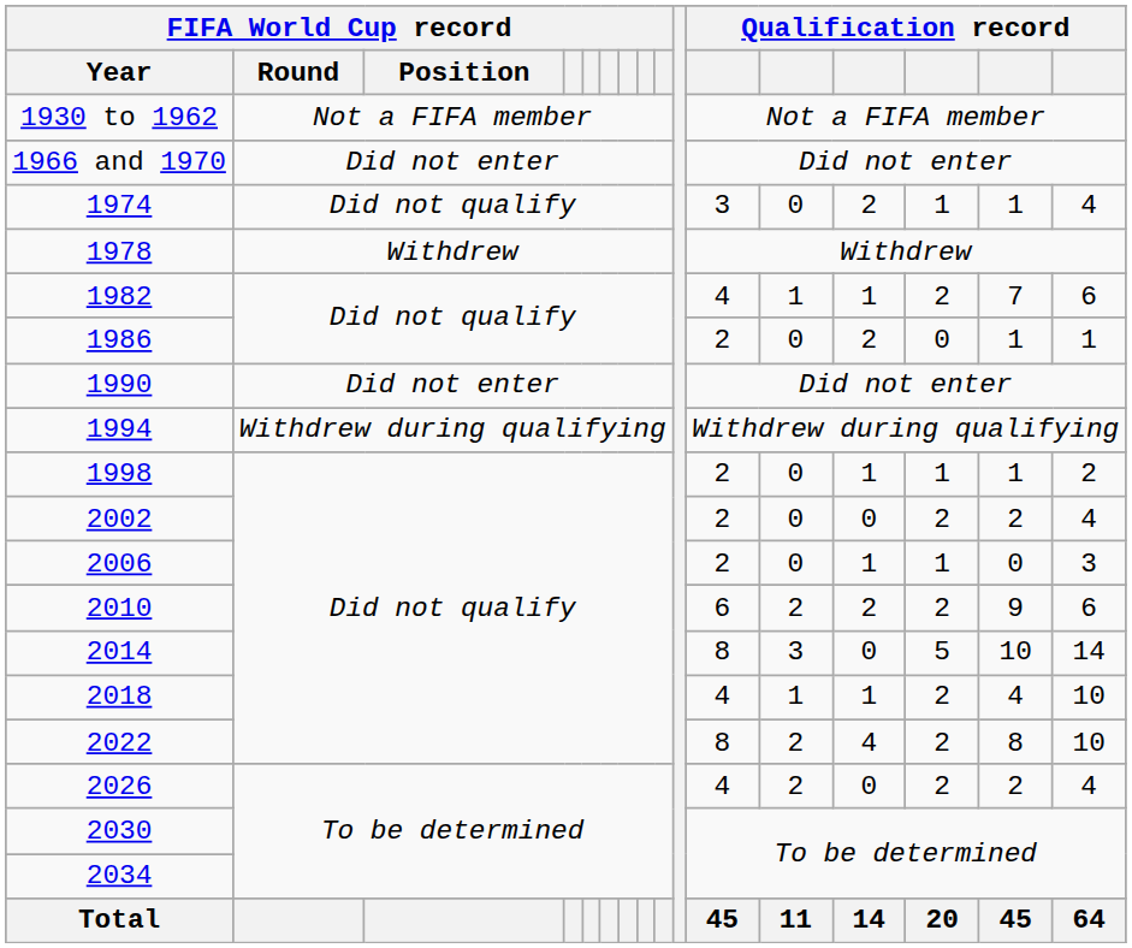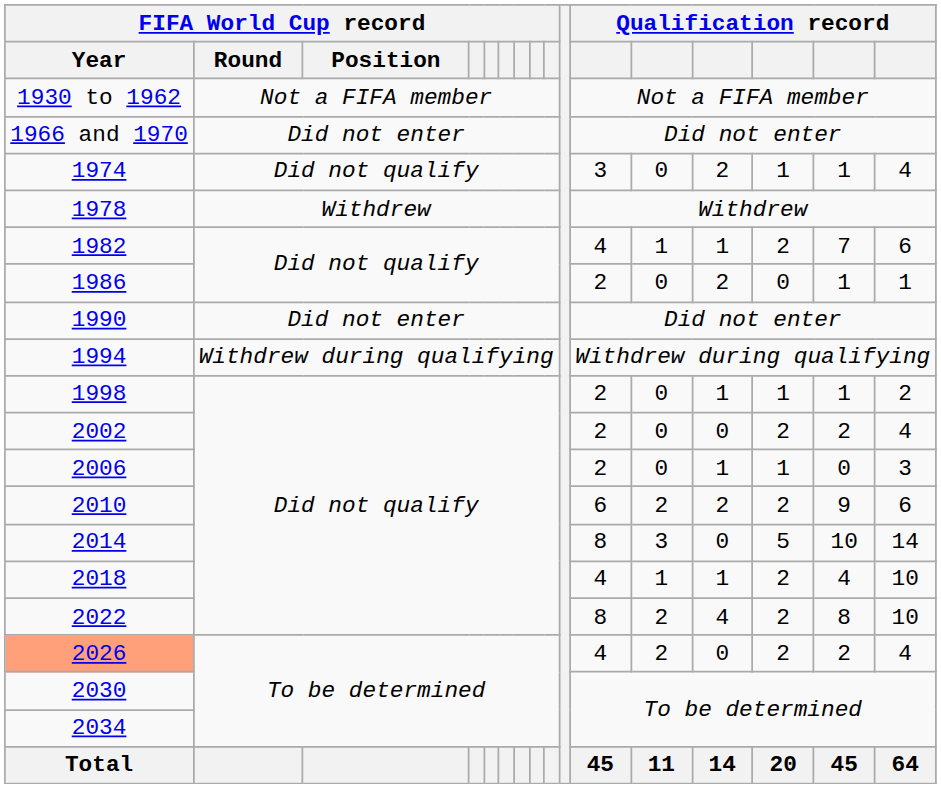 <table class="wikitable" style="text-align: center;">
 <tr>
 <th colspan=9><a href='#'>FIFA World Cup</a> record</th>
 <th rowspan=30></th>
 <th colspan=6><a href='#'>Qualification</a> record</th>
 </tr>
 <tr>
 <th>Year</th>
 <th>Round</th>
 <th>Position</th>
 <th></th>
 <th></th>
 <th></th>
 <th></th>
 <th></th>
 <th></th>
 <th></th>
 <th></th>
 <th></th>
 <th></th>
 <th></th>
 <th></th>
 </tr>
 <tr>
 <td><a href='#'>1930</a> to <a href='#'>1962</a></td>
 <td Colspan=8><em>Not a FIFA member</em></td>
 <td Colspan=6><em>Not a FIFA member</em></td>
 </tr>
 <tr>
 <td><a href='#'>1966</a> and <a href='#'>1970</a></td>
 <td Colspan=8><em>Did not enter</em></td>
 <td Colspan=6><em>Did not enter</em></td>
 </tr>
 <tr>
 <td> <a href='#'>1974</a></td>
 <td Colspan=8><em>Did not qualify</em></td>
 <td>3</td>
 <td>0</td>
 <td>2</td>
 <td>1</td>
 <td>1</td>
 <td>4</td>
 </tr>
 <tr>
 <td> <a href='#'>1978</a></td>
 <td Colspan=8><em>Withdrew</em></td>
 <td Colspan=6><em>Withdrew</em></td>
 </tr>
 <tr>
 <td> <a href='#'>1982</a></td>
 <td rowspan=2 colspan=8><em>Did not qualify</em></td>
 <td>4</td>
 <td>1</td>
 <td>1</td>
 <td>2</td>
 <td>7</td>
 <td>6</td>
 </tr>
 <tr>
 <td> <a href='#'>1986</a></td>
 <td>2</td>
 <td>0</td>
 <td>2</td>
 <td>0</td>
 <td>1</td>
 <td>1</td>
 </tr>
 <tr>
 <td> <a href='#'>1990</a></td>
 <td colspan=8><em>Did not enter</em></td>
 <td colspan=6><em>Did not enter</em></td>
 </tr>
 <tr>
 <td> <a href='#'>1994</a></td>
 <td colspan=8><em>Withdrew during qualifying</em></td>
 <td colspan=6><em>Withdrew during qualifying</em></td>
 </tr>
 <tr>
 <td> <a href='#'>1998</a></td>
 <td rowspan=7 colspan=8><em>Did not qualify</em></td>
 <td>2</td>
 <td>0</td>
 <td>1</td>
 <td>1</td>
 <td>1</td>
 <td>2</td>
 </tr>
 <tr>
 <td>  <a href='#'>2002</a></td>
 <td>2</td>
 <td>0</td>
 <td>0</td>
 <td>2</td>
 <td>2</td>
 <td>4</td>
 </tr>
 <tr>
 <td> <a href='#'>2006</a></td>
 <td>2</td>
 <td>0</td>
 <td>1</td>
 <td>1</td>
 <td>0</td>
 <td>3</td>
 </tr>
 <tr>
 <td> <a href='#'>2010</a></td>
 <td>6</td>
 <td>2</td>
 <td>2</td>
 <td>2</td>
 <td>9</td>
 <td>6</td>
 </tr>
 <tr>
 <td> <a href='#'>2014</a></td>
 <td>8</td>
 <td>3</td>
 <td>0</td>
 <td>5</td>
 <td>10</td>
 <td>14</td>
 </tr>
 <tr>
 <td> <a href='#'>2018</a></td>
 <td>4</td>
 <td>1</td>
 <td>1</td>
 <td>2</td>
 <td>4</td>
 <td>10</td>
 </tr>
 <tr>
 <td> <a href='#'>2022</a></td>
 <td>8</td>
 <td>2</td>
 <td>4</td>
 <td>2</td>
 <td>8</td>
 <td>10</td>
 </tr>
 <tr>
-<td>   <a href='#'>2026</a></td>
+<td style="background: lightsalmon;">   <a href='#'>2026</a></td>
 <td rowspan=3 colspan=8><em>To be determined</em></td>
 <td>4</td>
 <td>2</td>
 <td>0</td>
 <td>2</td>
 <td>2</td>
 <td>4</td>
 </tr>
 <tr>
 <td>   <a href='#'>2030</a></td>
 <td rowspan=2 colspan=6><em>To be determined</em></td>
 </tr>
 <tr>
 <td> <a href='#'>2034</a></td>
 </tr>
 <tr>
 <th>Total</th>
 <th></th>
 <th></th>
 <th></th>
 <th></th>
 <th></th>
 <th></th>
 <th></th>
 <th></th>
 <th>45</th>
 <th>11</th>
 <th>14</th>
 <th>20</th>
 <th>45</th>
 <th>64</th>
 </tr>
 </table>
